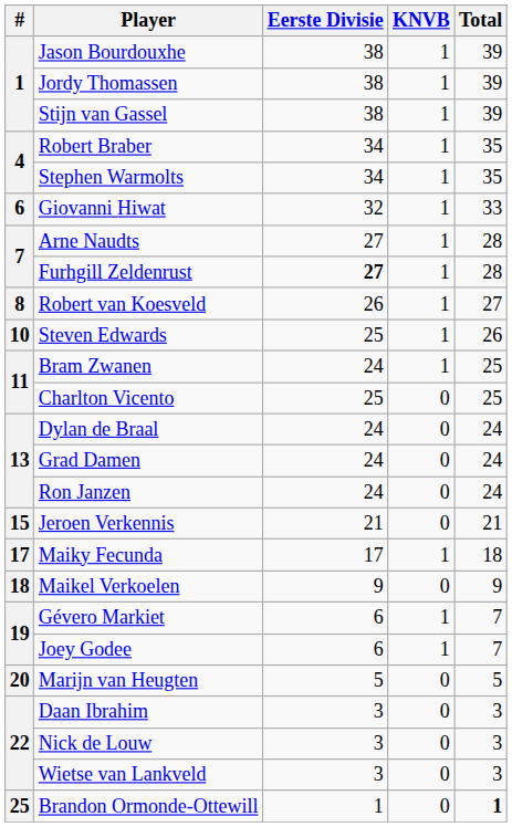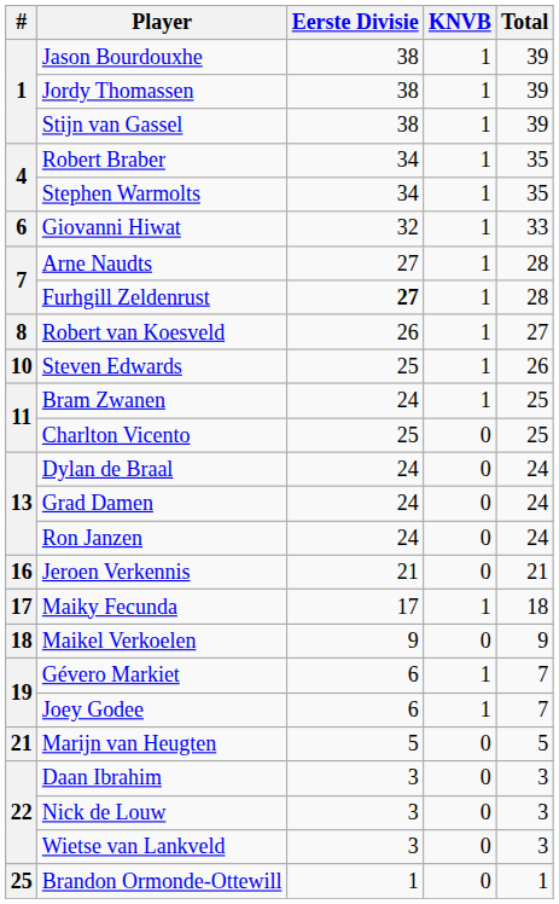 <table class="wikitable" style="text-align:right;">
 <tr>
 <th>#</th>
 <th>Player</th>
 <th><a href='#'>Eerste Divisie</a></th>
 <th><a href='#'>KNVB</a></th>
 <th>Total</th>
 </tr>
 <tr>
 <th rowspan=3 align=center>1</th>
 <td align=left> <a href='#'>Jason Bourdouxhe</a></td>
 <td>38</td>
 <td>1</td>
 <td>39</td>
 </tr>
 <tr>
 <td align=left> <a href='#'>Jordy Thomassen</a></td>
 <td>38</td>
 <td>1</td>
 <td>39</td>
 </tr>
 <tr>
 <td align=left> <a href='#'>Stijn van Gassel</a></td>
 <td>38</td>
 <td>1</td>
 <td>39</td>
 </tr>
 <tr>
 <th rowspan=2 align=center>4</th>
 <td align=left> <a href='#'>Robert Braber</a></td>
 <td>34</td>
 <td>1</td>
 <td>35</td>
 </tr>
 <tr>
 <td align=left> <a href='#'>Stephen Warmolts</a></td>
 <td>34</td>
 <td>1</td>
 <td>35</td>
 </tr>
 <tr>
 <th align=center>6</th>
 <td align=left> <a href='#'>Giovanni Hiwat</a></td>
 <td>32</td>
 <td>1</td>
 <td>33</td>
 </tr>
 <tr>
 <th rowspan=2 align=center>7</th>
 <td align=left> <a href='#'>Arne Naudts</a></td>
 <td>27</td>
 <td>1</td>
 <td>28</td>
 </tr>
 <tr>
 <td align=left> <a href='#'>Furhgill Zeldenrust</a></td>
 <td><strong>27</strong></td>
 <td>1</td>
 <td>28</td>
 </tr>
 <tr>
 <th align=center>8</th>
 <td align=left> <a href='#'>Robert van Koesveld</a></td>
 <td>26</td>
 <td>1</td>
 <td>27</td>
 </tr>
 <tr>
 <th align=center>10</th>
 <td align=left> <a href='#'>Steven Edwards</a></td>
 <td>25</td>
 <td>1</td>
 <td>26</td>
 </tr>
 <tr>
 <th rowspan=2 align=center>11</th>
 <td align=left> <a href='#'>Bram Zwanen</a></td>
 <td>24</td>
 <td>1</td>
 <td>25</td>
 </tr>
 <tr>
 <td align=left> <a href='#'>Charlton Vicento</a></td>
 <td>25</td>
 <td>0</td>
 <td>25</td>
 </tr>
 <tr>
 <th rowspan=3 align=center>13</th>
 <td align=left> <a href='#'>Dylan de Braal</a></td>
 <td>24</td>
 <td>0</td>
 <td>24</td>
 </tr>
 <tr>
 <td align=left> <a href='#'>Grad Damen</a></td>
 <td>24</td>
 <td>0</td>
 <td>24</td>
 </tr>
 <tr>
 <td align=left> <a href='#'>Ron Janzen</a></td>
 <td>24</td>
 <td>0</td>
 <td>24</td>
 </tr>
 <tr>
-<th align=center>15</th>
+<th align=center>16</th>
 <td align=left> <a href='#'>Jeroen Verkennis</a></td>
 <td>21</td>
 <td>0</td>
 <td>21</td>
 </tr>
 <tr>
 <th align=center>17</th>
 <td align=left> <a href='#'>Maiky Fecunda</a></td>
 <td>17</td>
 <td>1</td>
 <td>18</td>
 </tr>
 <tr>
 <th align=center>18</th>
 <td align=left> <a href='#'>Maikel Verkoelen</a></td>
 <td>9</td>
 <td>0</td>
 <td>9</td>
 </tr>
 <tr>
 <th rowspan=2>19</th>
 <td align=left> <a href='#'>Gévero Markiet</a></td>
 <td>6</td>
 <td>1</td>
 <td>7</td>
 </tr>
 <tr>
 <td align=left> <a href='#'>Joey Godee</a></td>
 <td>6</td>
 <td>1</td>
 <td>7</td>
 </tr>
 <tr>
-<th>20</th>
+<th>21</th>
 <td align=left> <a href='#'>Marijn van Heugten</a></td>
 <td>5</td>
 <td>0</td>
 <td>5</td>
 </tr>
 <tr>
 <th rowspan=3>22</th>
 <td align=left> <a href='#'>Daan Ibrahim</a></td>
 <td>3</td>
 <td>0</td>
 <td>3</td>
 </tr>
 <tr>
 <td align=left> <a href='#'>Nick de Louw</a></td>
 <td>3</td>
 <td>0</td>
 <td>3</td>
 </tr>
 <tr>
 <td align=left> <a href='#'>Wietse van Lankveld</a></td>
 <td>3</td>
 <td>0</td>
 <td>3</td>
 </tr>
 <tr>
 <th>25</th>
 <td align=left> <a href='#'>Brandon Ormonde-Ottewill</a></td>
 <td>1</td>
 <td>0</td>
-<td><strong>1</strong></td>
+<td>1</td>
 </tr>
 </table>
